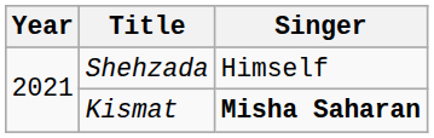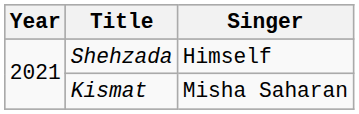 <table class="wikitable plainrowheaders sortable">
 <tr>
 <th scope="col">Year</th>
 <th scope="col">Title</th>
 <th scope="col">Singer</th>
 </tr>
 <tr>
 <td rowspan="2">2021</td>
 <td><em>Shehzada</em></td>
 <td>Himself</td>
 </tr>
 <tr>
 <td><em>Kismat</em></td>
-<td><strong>Misha Saharan</strong></td>
+<td>Misha Saharan</td>
 </tr>
 </table>
